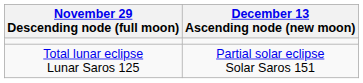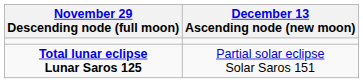 <table class="wikitable">
 <tr>
 <th><a href='#'>November 29</a><br>Descending node (full moon)<br></th>
 <th><a href='#'>December 13</a><br>Ascending node (new moon)<br></th>
 </tr>
 <tr>
 <td></td>
 <td></td>
 </tr>
 <tr align=center>
-<td><a href='#'>Total lunar eclipse</a><br>Lunar Saros 125</td>
+<td><strong><a href='#'>Total lunar eclipse</a><br>Lunar Saros 125</strong></td>
 <td><a href='#'>Partial solar eclipse</a><br>Solar Saros 151</td>
 </tr>
 </table>
